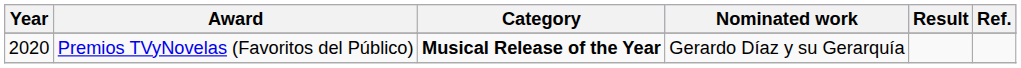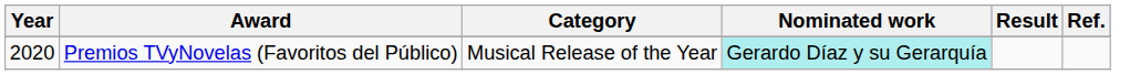 <table class="wikitable plainrowheaders" style="text-align:center;">
 <tr style="background:#96c;">
 <th scope="col">Year</th>
 <th scope="col">Award</th>
 <th scope="col">Category</th>
 <th scope="col">Nominated work</th>
 <th scope="col">Result</th>
 <th scope="col">Ref.</th>
 </tr>
 <tr>
 </tr>
 <tr>
 <td rowspan="2">2020</td>
 <td rowspan="2"><a href='#'>Premios TVyNovelas</a> (Favoritos del Público)</td>
 </tr>
 <tr>
-<td><strong>Musical Release of the Year</strong></td>
-<td>Gerardo Díaz y su Gerarquía</td>
+<td>Musical Release of the Year</td>
+<td style="background: paleturquoise;">Gerardo Díaz y su Gerarquía</td>
 <td></td>
 <td></td>
 </tr>
 <tr>
 </tr>
 <tr>
 </tr>
 </table>
